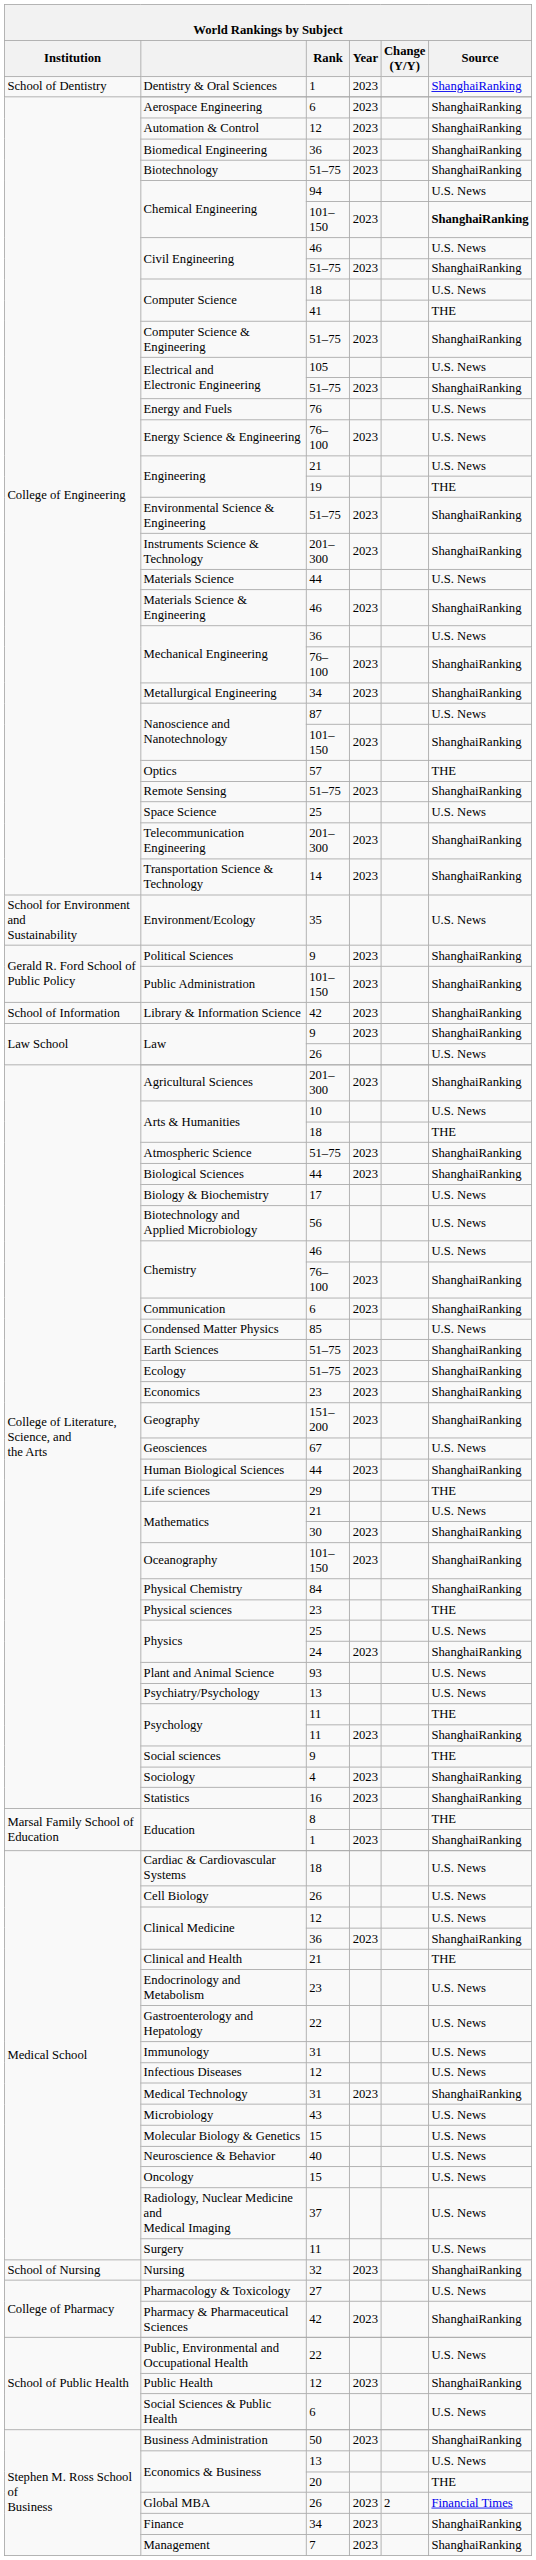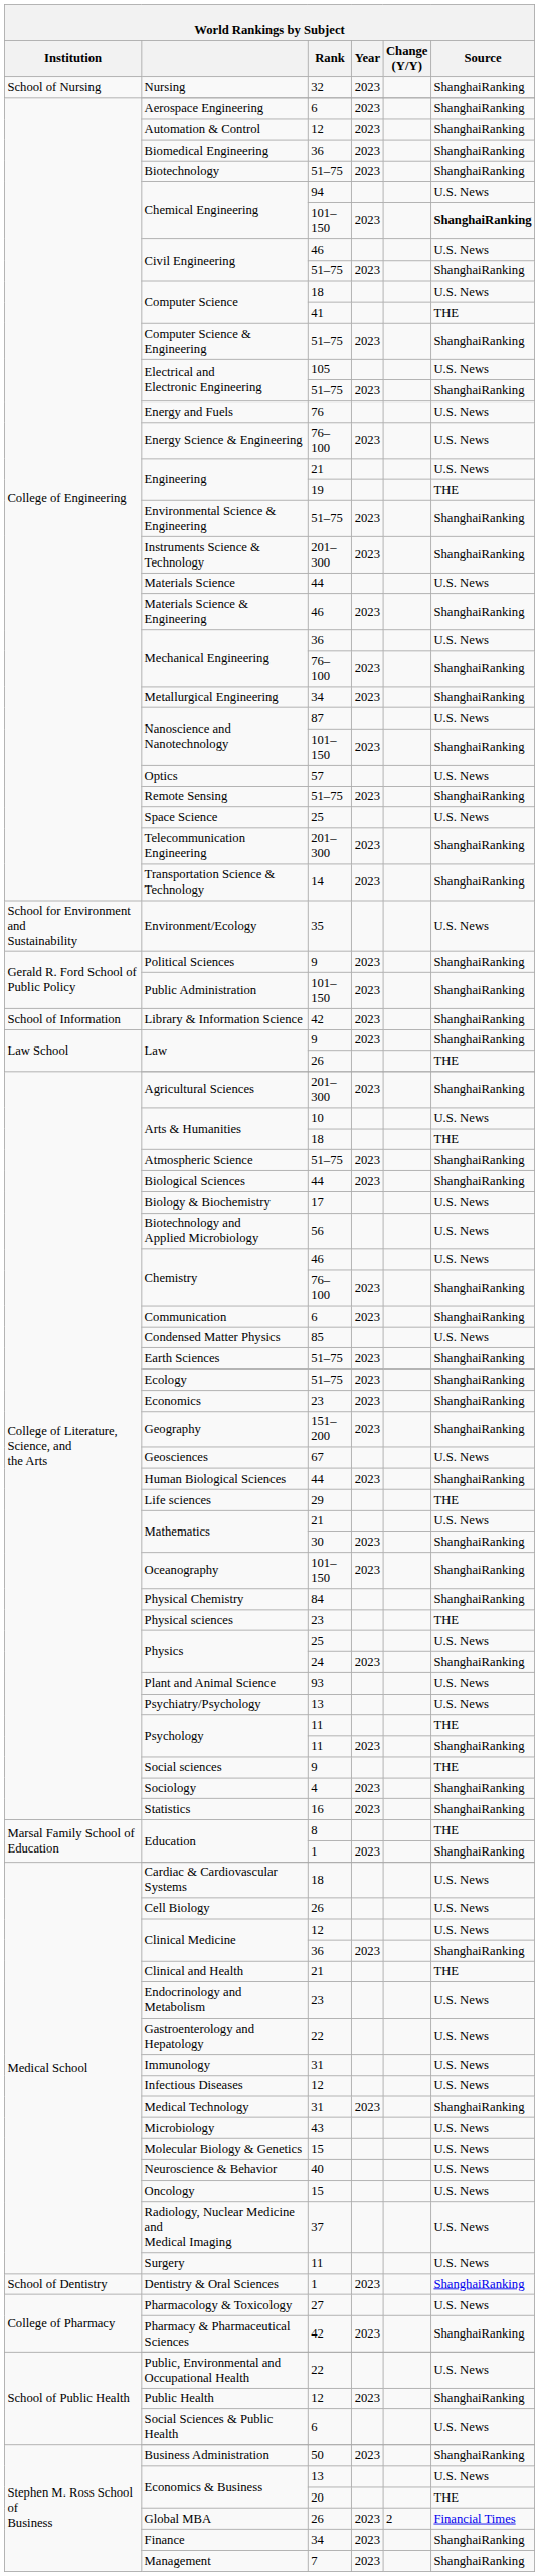 <table class="wikitable collapsible collapsed" style="font-size: 90%; width: 600px;">
 <tr>
 <th colspan="6"><br>World Rankings by Subject</th>
 </tr>
 <tr>
 <th>Institution</th>
 <th></th>
 <th>Rank</th>
 <th>Year</th>
 <th>Change<br>(Y/Y)</th>
 <th>Source</th>
 </tr>
 <tr>
-<td>School of Dentistry</td>
-<td>Dentistry & Oral Sciences</td>
-<td>1</td>
+<td>School of Nursing</td>
+<td>Nursing</td>
+<td>32</td>
 <td>2023</td>
 <td></td>
-<td><a href='#'>ShanghaiRanking</a></td>
+<td>ShanghaiRanking</td>
 </tr>
 <tr>
 <td rowspan="32">College of Engineering</td>
 </tr>
 <tr>
 <td>Aerospace Engineering</td>
 <td>6</td>
 <td>2023</td>
 <td></td>
 <td>ShanghaiRanking</td>
 </tr>
 <tr>
 <td>Automation & Control</td>
 <td>12</td>
 <td>2023</td>
 <td></td>
 <td>ShanghaiRanking</td>
 </tr>
 <tr>
 <td>Biomedical Engineering</td>
 <td>36</td>
 <td>2023</td>
 <td></td>
 <td>ShanghaiRanking</td>
 </tr>
 <tr>
 <td>Biotechnology</td>
 <td>51–75</td>
 <td>2023</td>
 <td></td>
 <td>ShanghaiRanking</td>
 </tr>
 <tr>
 <td rowspan="2">Chemical Engineering</td>
 <td>94</td>
 <td></td>
 <td></td>
 <td>U.S. News</td>
 </tr>
 <tr>
 <td>101–150</td>
 <td>2023</td>
 <td></td>
 <td><strong>ShanghaiRanking</strong></td>
 </tr>
 <tr>
 <td rowspan="2">Civil Engineering</td>
 <td>46</td>
 <td></td>
 <td></td>
 <td>U.S. News</td>
 </tr>
 <tr>
 <td>51–75</td>
 <td>2023</td>
 <td></td>
 <td>ShanghaiRanking</td>
 </tr>
 <tr>
 <td rowspan="2">Computer Science</td>
 <td>18</td>
 <td></td>
 <td></td>
 <td>U.S. News</td>
 </tr>
 <tr>
 <td>41</td>
 <td></td>
 <td></td>
 <td>THE</td>
 </tr>
 <tr>
 <td>Computer Science & Engineering</td>
 <td>51–75</td>
 <td>2023</td>
 <td></td>
 <td>ShanghaiRanking</td>
 </tr>
 <tr>
 <td rowspan="2">Electrical and<br>Electronic Engineering</td>
 <td>105</td>
 <td></td>
 <td></td>
 <td>U.S. News</td>
 </tr>
 <tr>
 <td>51–75</td>
 <td>2023</td>
 <td></td>
 <td>ShanghaiRanking</td>
 </tr>
 <tr>
 <td>Energy and Fuels</td>
 <td>76</td>
 <td></td>
 <td></td>
 <td>U.S. News</td>
 </tr>
 <tr>
 <td>Energy Science & Engineering</td>
 <td>76–100</td>
 <td>2023</td>
 <td></td>
 <td>U.S. News</td>
 </tr>
 <tr>
 <td rowspan="2">Engineering</td>
 <td>21</td>
 <td></td>
 <td></td>
 <td>U.S. News</td>
 </tr>
 <tr>
 <td>19</td>
 <td></td>
 <td></td>
 <td>THE</td>
 </tr>
 <tr>
 <td>Environmental Science & Engineering</td>
 <td>51–75</td>
 <td>2023</td>
 <td></td>
 <td>ShanghaiRanking</td>
 </tr>
 <tr>
 <td>Instruments Science & Technology</td>
 <td>201–300</td>
 <td>2023</td>
 <td></td>
 <td>ShanghaiRanking</td>
 </tr>
 <tr>
 <td>Materials Science</td>
 <td>44</td>
 <td></td>
 <td></td>
 <td>U.S. News</td>
 </tr>
 <tr>
 <td>Materials Science & Engineering</td>
 <td>46</td>
 <td>2023</td>
 <td></td>
 <td>ShanghaiRanking</td>
 </tr>
 <tr>
 <td rowspan="2">Mechanical Engineering</td>
 <td>36</td>
 <td></td>
 <td></td>
 <td>U.S. News</td>
 </tr>
 <tr>
 <td>76–100</td>
 <td>2023</td>
 <td></td>
 <td>ShanghaiRanking</td>
 </tr>
 <tr>
 <td>Metallurgical Engineering</td>
 <td>34</td>
 <td>2023</td>
 <td></td>
 <td>ShanghaiRanking</td>
 </tr>
 <tr>
 <td rowspan="2">Nanoscience and Nanotechnology</td>
 <td>87</td>
 <td></td>
 <td></td>
 <td>U.S. News</td>
 </tr>
 <tr>
 <td>101–150</td>
 <td>2023</td>
 <td></td>
 <td>ShanghaiRanking</td>
 </tr>
 <tr>
 <td>Optics</td>
 <td>57</td>
 <td></td>
 <td></td>
-<td>THE</td>
+<td>U.S. News</td>
 </tr>
 <tr>
 <td>Remote Sensing</td>
 <td>51–75</td>
 <td>2023</td>
 <td></td>
 <td>ShanghaiRanking</td>
 </tr>
 <tr>
 <td>Space Science</td>
 <td>25</td>
 <td></td>
 <td></td>
 <td>U.S. News</td>
 </tr>
 <tr>
 <td>Telecommunication Engineering</td>
 <td>201–300</td>
 <td>2023</td>
 <td></td>
 <td>ShanghaiRanking</td>
 </tr>
 <tr>
 <td>Transportation Science & Technology</td>
 <td>14</td>
 <td>2023</td>
 <td></td>
 <td>ShanghaiRanking</td>
 </tr>
 <tr>
 <td>School for Environment and<br>Sustainability</td>
 <td>Environment/Ecology</td>
 <td>35</td>
 <td></td>
 <td></td>
 <td>U.S. News</td>
 </tr>
 <tr>
 <td rowspan="2">Gerald R. Ford School of<br>Public Policy</td>
 <td>Political Sciences</td>
 <td>9</td>
 <td>2023</td>
 <td></td>
 <td>ShanghaiRanking</td>
 </tr>
 <tr>
 <td>Public Administration</td>
 <td>101–150</td>
 <td>2023</td>
 <td></td>
 <td>ShanghaiRanking</td>
 </tr>
 <tr>
 <td>School of Information</td>
 <td>Library & Information Science</td>
 <td>42</td>
 <td>2023</td>
 <td></td>
 <td>ShanghaiRanking</td>
 </tr>
 <tr>
 <td rowspan="2">Law School</td>
 <td rowspan="2">Law</td>
 <td>9</td>
 <td>2023</td>
 <td></td>
 <td>ShanghaiRanking</td>
 </tr>
 <tr>
 <td>26</td>
 <td></td>
 <td></td>
-<td>U.S. News</td>
+<td>THE</td>
 </tr>
 <tr>
 <td rowspan="33">College of Literature, Science, and<br>the Arts</td>
 </tr>
 <tr>
 <td>Agricultural Sciences</td>
 <td>201–300</td>
 <td>2023</td>
 <td></td>
 <td>ShanghaiRanking</td>
 </tr>
 <tr>
 <td rowspan="2">Arts & Humanities</td>
 <td>10</td>
 <td></td>
 <td></td>
 <td>U.S. News</td>
 </tr>
 <tr>
 <td>18</td>
 <td></td>
 <td></td>
 <td>THE</td>
 </tr>
 <tr>
 <td>Atmospheric Science</td>
 <td>51–75</td>
 <td>2023</td>
 <td></td>
 <td>ShanghaiRanking</td>
 </tr>
 <tr>
 <td>Biological Sciences</td>
 <td>44</td>
 <td>2023</td>
 <td></td>
 <td>ShanghaiRanking</td>
 </tr>
 <tr>
 <td>Biology & Biochemistry</td>
 <td>17</td>
 <td></td>
 <td></td>
 <td>U.S. News</td>
 </tr>
 <tr>
 <td>Biotechnology and<br>Applied Microbiology</td>
 <td>56</td>
 <td></td>
 <td></td>
 <td>U.S. News</td>
 </tr>
 <tr>
 <td rowspan="2">Chemistry</td>
 <td>46</td>
 <td></td>
 <td></td>
 <td>U.S. News</td>
 </tr>
 <tr>
 <td>76–100</td>
 <td>2023</td>
 <td></td>
 <td>ShanghaiRanking</td>
 </tr>
 <tr>
 <td>Communication</td>
 <td>6</td>
 <td>2023</td>
 <td></td>
 <td>ShanghaiRanking</td>
 </tr>
 <tr>
 <td>Condensed Matter Physics</td>
 <td>85</td>
 <td></td>
 <td></td>
 <td>U.S. News</td>
 </tr>
 <tr>
 <td>Earth Sciences</td>
 <td>51–75</td>
 <td>2023</td>
 <td></td>
 <td>ShanghaiRanking</td>
 </tr>
 <tr>
 <td>Ecology</td>
 <td>51–75</td>
 <td>2023</td>
 <td></td>
 <td>ShanghaiRanking</td>
 </tr>
 <tr>
 <td>Economics</td>
 <td>23</td>
 <td>2023</td>
 <td></td>
 <td>ShanghaiRanking</td>
 </tr>
 <tr>
 <td>Geography</td>
 <td>151–200</td>
 <td>2023</td>
 <td></td>
 <td>ShanghaiRanking</td>
 </tr>
 <tr>
 <td>Geosciences</td>
 <td>67</td>
 <td></td>
 <td></td>
 <td>U.S. News</td>
 </tr>
 <tr>
 <td>Human Biological Sciences</td>
 <td>44</td>
 <td>2023</td>
 <td></td>
 <td>ShanghaiRanking</td>
 </tr>
 <tr>
 <td>Life sciences</td>
 <td>29</td>
 <td></td>
 <td></td>
 <td>THE</td>
 </tr>
 <tr>
 <td rowspan="2">Mathematics</td>
 <td>21</td>
 <td></td>
 <td></td>
 <td>U.S. News</td>
 </tr>
 <tr>
 <td>30</td>
 <td>2023</td>
 <td></td>
 <td>ShanghaiRanking</td>
 </tr>
 <tr>
 <td>Oceanography</td>
 <td>101–150</td>
 <td>2023</td>
 <td></td>
 <td>ShanghaiRanking</td>
 </tr>
 <tr>
 <td>Physical Chemistry</td>
 <td>84</td>
 <td></td>
 <td></td>
 <td>ShanghaiRanking</td>
 </tr>
 <tr>
 <td>Physical sciences</td>
 <td>23</td>
 <td></td>
 <td></td>
 <td>THE</td>
 </tr>
 <tr>
 <td rowspan="2">Physics</td>
 <td>25</td>
 <td></td>
 <td></td>
 <td>U.S. News</td>
 </tr>
 <tr>
 <td>24</td>
 <td>2023</td>
 <td></td>
 <td>ShanghaiRanking</td>
 </tr>
 <tr>
 <td>Plant and Animal Science</td>
 <td>93</td>
 <td></td>
 <td></td>
 <td>U.S. News</td>
 </tr>
 <tr>
 <td rowspan="1">Psychiatry/Psychology</td>
 <td>13</td>
 <td></td>
 <td></td>
 <td>U.S. News</td>
 </tr>
 <tr>
 <td rowspan="2">Psychology</td>
 <td>11</td>
 <td></td>
 <td></td>
 <td>THE</td>
 </tr>
 <tr>
 <td>11</td>
 <td>2023</td>
 <td></td>
 <td>ShanghaiRanking</td>
 </tr>
 <tr>
 <td>Social sciences</td>
 <td>9</td>
 <td></td>
 <td></td>
 <td>THE</td>
 </tr>
 <tr>
 <td>Sociology</td>
 <td>4</td>
 <td>2023</td>
 <td></td>
 <td>ShanghaiRanking</td>
 </tr>
 <tr>
 <td>Statistics</td>
 <td>16</td>
 <td>2023</td>
 <td></td>
 <td>ShanghaiRanking</td>
 </tr>
 <tr>
 <td rowspan="2">Marsal Family School of Education</td>
 <td rowspan="2">Education</td>
 <td>8</td>
 <td></td>
 <td></td>
 <td>THE</td>
 </tr>
 <tr>
 <td>1</td>
 <td>2023</td>
 <td></td>
 <td>ShanghaiRanking</td>
 </tr>
 <tr>
 <td rowspan="17">Medical School</td>
 </tr>
 <tr>
 <td>Cardiac & Cardiovascular Systems</td>
 <td>18</td>
 <td></td>
 <td></td>
 <td>U.S. News</td>
 </tr>
 <tr>
 <td>Cell Biology</td>
 <td>26</td>
 <td></td>
 <td></td>
 <td>U.S. News</td>
 </tr>
 <tr>
 <td rowspan="2">Clinical Medicine</td>
 <td>12</td>
 <td></td>
 <td></td>
 <td>U.S. News</td>
 </tr>
 <tr>
 <td>36</td>
 <td>2023</td>
 <td></td>
 <td>ShanghaiRanking</td>
 </tr>
 <tr>
 <td>Clinical and Health</td>
 <td>21</td>
 <td></td>
 <td></td>
 <td>THE</td>
 </tr>
 <tr>
 <td>Endocrinology and Metabolism</td>
 <td>23</td>
 <td></td>
 <td></td>
 <td>U.S. News</td>
 </tr>
 <tr>
 <td>Gastroenterology and Hepatology</td>
 <td>22</td>
 <td></td>
 <td></td>
 <td>U.S. News</td>
 </tr>
 <tr>
 <td>Immunology</td>
 <td>31</td>
 <td></td>
 <td></td>
 <td>U.S. News</td>
 </tr>
 <tr>
 <td>Infectious Diseases</td>
 <td>12</td>
 <td></td>
 <td></td>
 <td>U.S. News</td>
 </tr>
 <tr>
 <td>Medical Technology</td>
 <td>31</td>
 <td>2023</td>
 <td></td>
 <td>ShanghaiRanking</td>
 </tr>
 <tr>
 <td>Microbiology</td>
 <td>43</td>
 <td></td>
 <td></td>
 <td>U.S. News</td>
 </tr>
 <tr>
 <td>Molecular Biology & Genetics</td>
 <td>15</td>
 <td></td>
 <td></td>
 <td>U.S. News</td>
 </tr>
 <tr>
 <td>Neuroscience & Behavior</td>
 <td>40</td>
 <td></td>
 <td></td>
 <td>U.S. News</td>
 </tr>
 <tr>
 <td>Oncology</td>
 <td>15</td>
 <td></td>
 <td></td>
 <td>U.S. News</td>
 </tr>
 <tr>
 <td>Radiology, Nuclear Medicine and<br>Medical Imaging</td>
 <td>37</td>
 <td></td>
 <td></td>
 <td>U.S. News</td>
 </tr>
 <tr>
 <td>Surgery</td>
 <td>11</td>
 <td></td>
 <td></td>
 <td>U.S. News</td>
 </tr>
 <tr>
-<td>School of Nursing</td>
-<td>Nursing</td>
-<td>32</td>
+<td>School of Dentistry</td>
+<td>Dentistry & Oral Sciences</td>
+<td>1</td>
 <td>2023</td>
 <td></td>
-<td>ShanghaiRanking</td>
+<td><a href='#'>ShanghaiRanking</a></td>
 </tr>
 <tr>
 <td rowspan="2">College of Pharmacy</td>
 <td>Pharmacology & Toxicology</td>
 <td>27</td>
 <td></td>
 <td></td>
 <td>U.S. News</td>
 </tr>
 <tr>
 <td>Pharmacy & Pharmaceutical Sciences</td>
 <td>42</td>
 <td>2023</td>
 <td></td>
 <td>ShanghaiRanking</td>
 </tr>
 <tr>
 <td rowspan="4">School of Public Health</td>
 </tr>
 <tr>
 <td>Public, Environmental and<br>Occupational Health</td>
 <td>22</td>
 <td></td>
 <td></td>
 <td>U.S. News</td>
 </tr>
 <tr>
 <td>Public Health</td>
 <td>12</td>
 <td>2023</td>
 <td></td>
 <td>ShanghaiRanking</td>
 </tr>
 <tr>
 <td>Social Sciences & Public Health</td>
 <td>6</td>
 <td></td>
 <td></td>
 <td>U.S. News</td>
 </tr>
 <tr>
 <td rowspan="7">Stephen M. Ross School of<br>Business</td>
 </tr>
 <tr>
 <td>Business Administration</td>
 <td>50</td>
 <td>2023</td>
 <td></td>
 <td>ShanghaiRanking</td>
 </tr>
 <tr>
 <td rowspan="2">Economics & Business</td>
 <td>13</td>
 <td></td>
 <td></td>
 <td>U.S. News</td>
 </tr>
 <tr>
 <td>20</td>
 <td></td>
 <td></td>
 <td>THE</td>
 </tr>
 <tr>
 <td>Global MBA</td>
 <td>26</td>
 <td>2023</td>
 <td> 2</td>
 <td><a href='#'>Financial Times</a></td>
 </tr>
 <tr>
 <td>Finance</td>
 <td>34</td>
 <td>2023</td>
 <td></td>
 <td>ShanghaiRanking</td>
 </tr>
 <tr>
 <td>Management</td>
 <td>7</td>
 <td>2023</td>
 <td></td>
 <td>ShanghaiRanking</td>
 </tr>
 </table>
